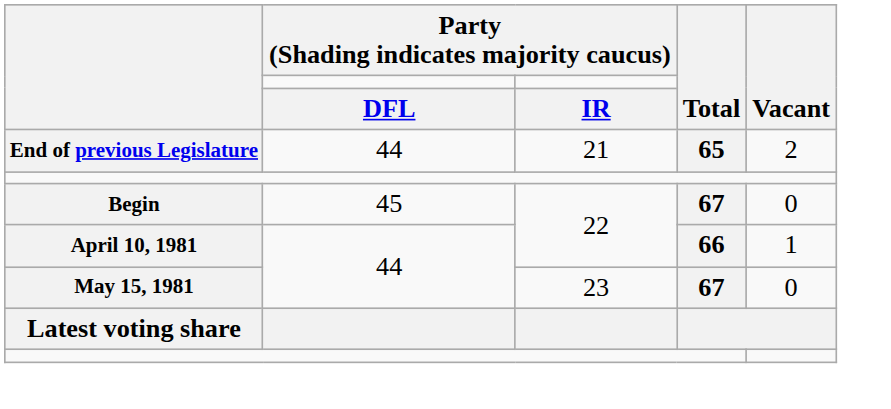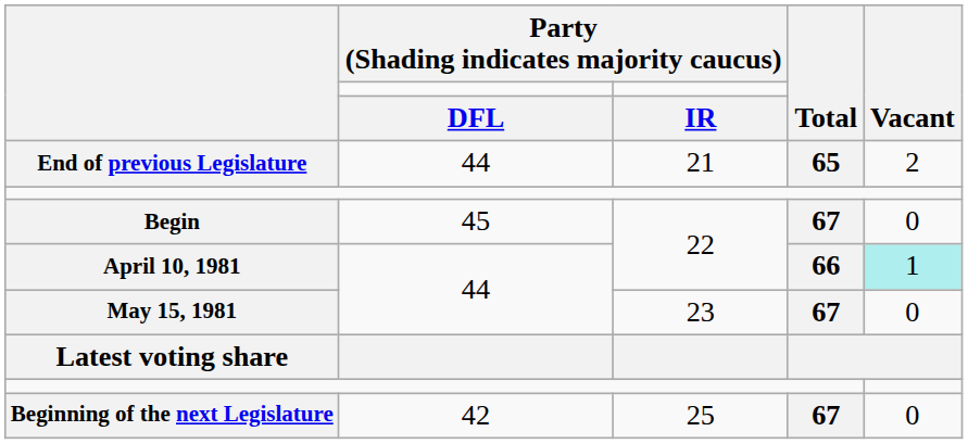 <table class=wikitable style="text-align:center">
 <tr style="vertical-align:bottom;">
 <th rowspan=3></th>
 <th colspan=2>Party <div>(Shading indicates majority caucus)</div></th>
 <th rowspan=3>Total</th>
 <th rowspan=3>Vacant</th>
 </tr>
 <tr style="height:5px">
 <td style="background-color:"></td>
 <td style="background-color:"></td>
 </tr>
 <tr>
 <th><a href='#'>DFL</a></th>
 <th><a href='#'>IR</a></th>
 </tr>
 <tr>
 <th style="white-space:nowrap; font-size:80%;">End of <a href='#'>previous Legislature</a></th>
 <td>44</td>
 <td>21</td>
 <th>65</th>
 <td>2</td>
 </tr>
 <tr>
 <td colspan=5></td>
 </tr>
 <tr>
 <th style="font-size:80%">Begin</th>
 <td>45</td>
 <td rowspan="2">22</td>
 <th>67</th>
 <td>0</td>
 </tr>
 <tr>
 <th style="font-size:80%">April 10, 1981 </th>
 <td rowspan="2" >44</td>
 <th>66</th>
-<td>1</td>
+<td style="background: paleturquoise;">1</td>
 </tr>
 <tr>
 <th style="font-size:80%">May 15, 1981 </th>
 <td>23</td>
 <th>67</th>
 <td>0</td>
 </tr>
 <tr>
 <th>Latest voting share</th>
 <th></th>
 <th></th>
 <th colspan=2></th>
 </tr>
 <tr>
 <td colspan=4></td>
 </tr>
+<tr>
+<th style="white-space:nowrap; font-size:80%;">Beginning of the <a href='#'>next Legislature</a></th>
+<td>42</td>
+<td>25</td>
+<th>67</th>
+<td>0</td>
+</tr>
 </table>
